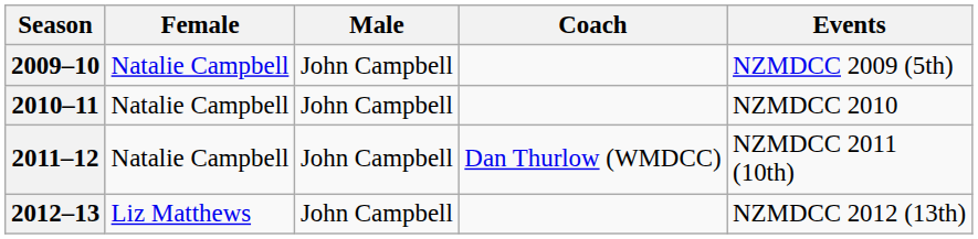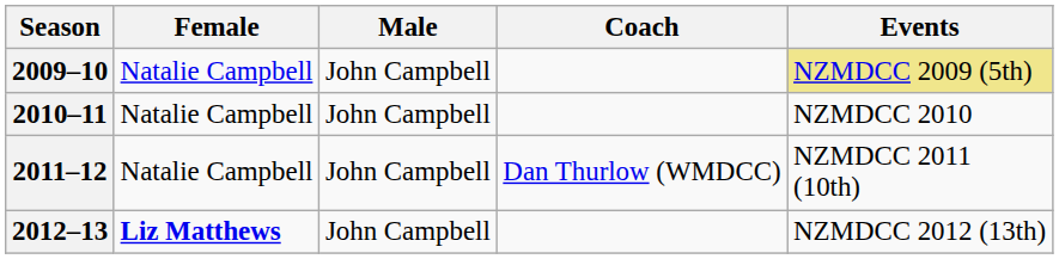 <table class="wikitable">
 <tr>
 <th scope="col">Season</th>
 <th scope="col">Female</th>
 <th scope="col">Male</th>
 <th scope="col">Coach</th>
 <th scope="col">Events</th>
 </tr>
 <tr>
 <th scope="row">2009–10</th>
 <td><a href='#'>Natalie Campbell</a></td>
 <td>John Campbell</td>
 <td></td>
-<td><a href='#'>NZMDCC</a> 2009 (5th)</td>
+<td style="background: khaki;"><a href='#'>NZMDCC</a> 2009 (5th)</td>
 </tr>
 <tr>
 <th scope="row">2010–11</th>
 <td>Natalie Campbell</td>
 <td>John Campbell</td>
 <td></td>
 <td>NZMDCC 2010 </td>
 </tr>
 <tr>
 <th scope="row">2011–12</th>
 <td>Natalie Campbell</td>
 <td>John Campbell</td>
 <td><a href='#'>Dan Thurlow</a> (WMDCC)</td>
 <td>NZMDCC 2011 <br> (10th)</td>
 </tr>
 <tr>
 <th scope="row" rowspan="2">2012–13</th>
-<td><a href='#'>Liz Matthews</a></td>
+<td><strong><a href='#'>Liz Matthews</a></strong></td>
 <td>John Campbell</td>
 <td></td>
 <td>NZMDCC 2012 (13th)</td>
 </tr>
 </table>
